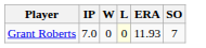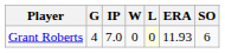 <table class="wikitable sortable">
 <tr>
 <th>Player</th>
+<th>G</th>
 <th>IP</th>
 <th>W</th>
 <th>L</th>
 <th>ERA</th>
 <th>SO</th>
 </tr>
 <tr align="center">
 <td><a href='#'>Grant Roberts</a></td>
+<td>4</td>
 <td>7.0</td>
 <td>0</td>
 <td style="background: lightyellow;">0</td>
 <td>11.93</td>
-<td>7</td>
+<td>6</td>
 </tr>
 </table>
